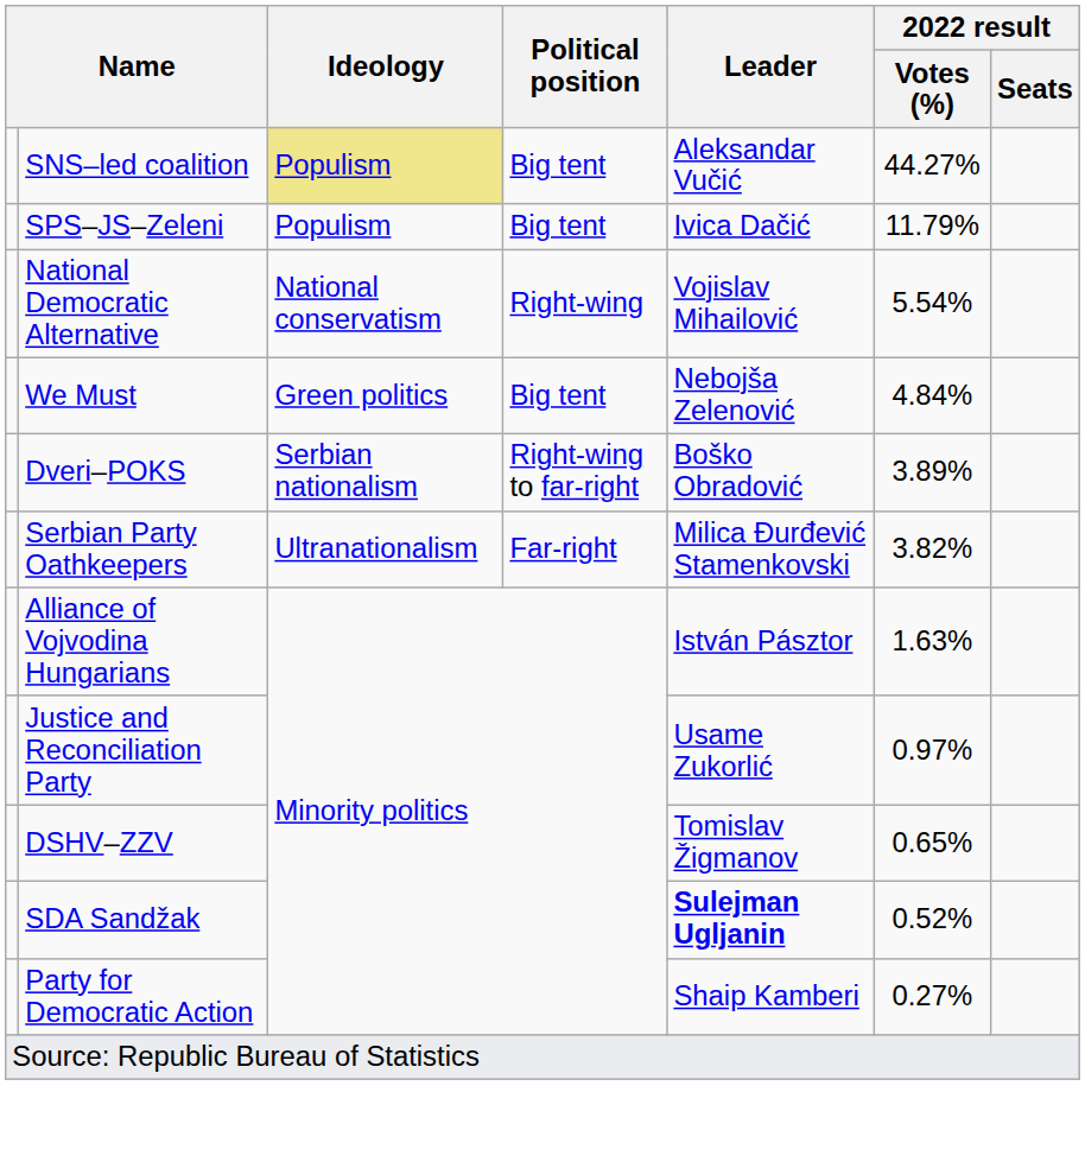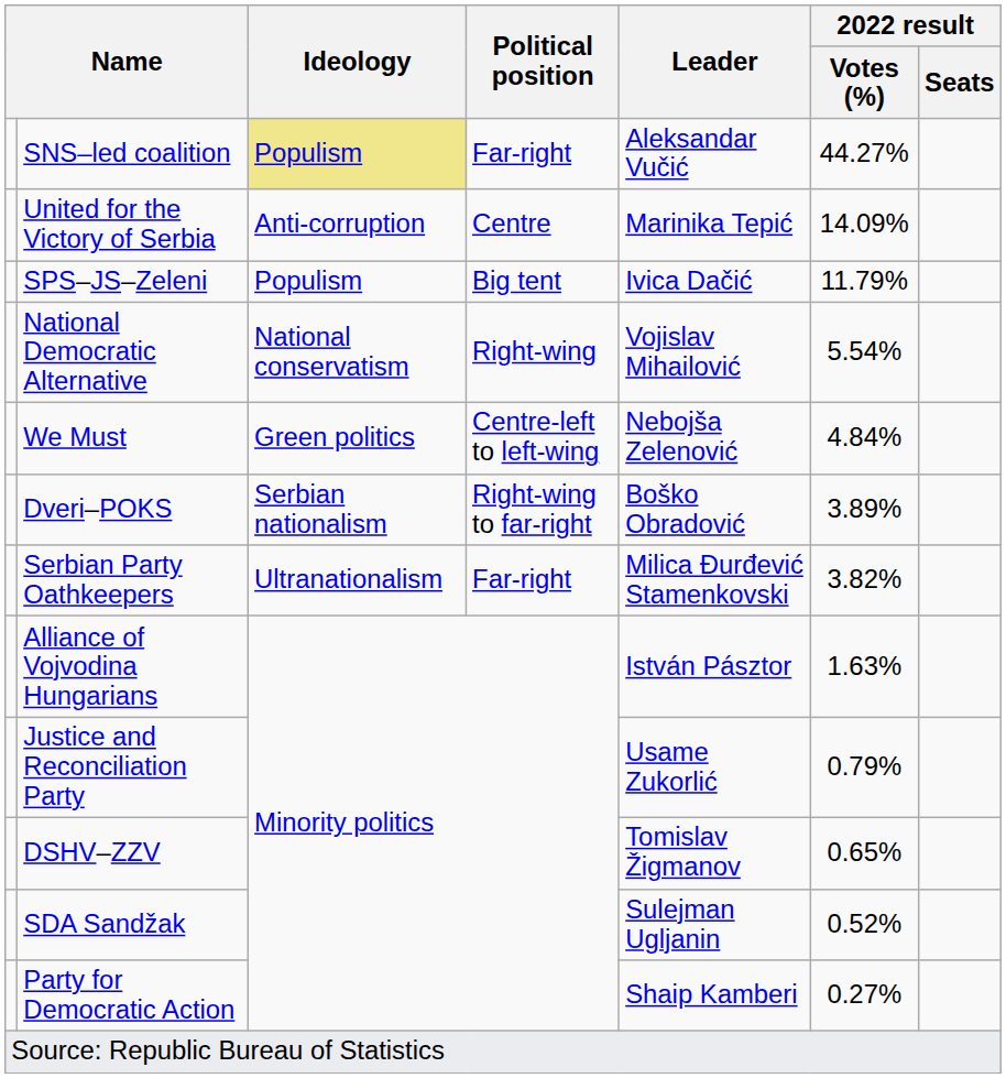 <table class="wikitable" style="text-align:left">
 <tr>
 <th colspan="2" rowspan="2">Name</th>
 <th rowspan="2">Ideology</th>
 <th rowspan="2">Political position</th>
 <th rowspan="2">Leader</th>
 <th colspan="2">2022 result</th>
 </tr>
 <tr>
 <th>Votes (%)</th>
 <th>Seats</th>
 </tr>
 <tr>
 <td style="background:"></td>
 <td><a href='#'>SNS–led coalition</a></td>
 <td style="background: khaki;"><a href='#'>Populism</a></td>
-<td><a href='#'>Big tent</a></td>
+<td><a href='#'>Far-right</a></td>
 <td><a href='#'>Aleksandar Vučić</a></td>
 <td style="text-align:center">44.27%</td>
+<td></td>
+</tr>
+<tr>
+<td style="background:"></td>
+<td><a href='#'>United for the Victory of Serbia</a></td>
+<td><a href='#'>Anti-corruption</a></td>
+<td><a href='#'>Centre</a></td>
+<td><a href='#'>Marinika Tepić</a></td>
+<td style="text-align:center">14.09%</td>
 <td></td>
 </tr>
 <tr>
 <td style="background:"></td>
 <td><a href='#'>SPS</a>–<a href='#'>JS</a>–<a href='#'>Zeleni</a></td>
 <td><a href='#'>Populism</a></td>
 <td><a href='#'>Big tent</a></td>
 <td><a href='#'>Ivica Dačić</a></td>
 <td style="text-align:center">11.79%</td>
 <td></td>
 </tr>
 <tr>
 <td style="background:"></td>
 <td><a href='#'>National Democratic Alternative</a></td>
 <td><a href='#'>National conservatism</a></td>
 <td><a href='#'>Right-wing</a></td>
 <td><a href='#'>Vojislav Mihailović</a></td>
 <td style="text-align:center">5.54%</td>
 <td></td>
 </tr>
 <tr>
 <td style="background:"></td>
 <td><a href='#'>We Must</a></td>
 <td><a href='#'>Green politics</a></td>
-<td><a href='#'>Big tent</a></td>
+<td><a href='#'>Centre-left</a> to <a href='#'>left-wing</a></td>
 <td><a href='#'>Nebojša Zelenović</a></td>
 <td style="text-align:center">4.84%</td>
 <td></td>
 </tr>
 <tr>
 <td style="background:"></td>
 <td><a href='#'>Dveri</a>–<a href='#'>POKS</a></td>
 <td><a href='#'>Serbian nationalism</a></td>
 <td><a href='#'>Right-wing</a> to <a href='#'>far-right</a></td>
 <td><a href='#'>Boško Obradović</a></td>
 <td style="text-align:center">3.89%</td>
 <td></td>
 </tr>
 <tr>
 <td style="background:"></td>
 <td><a href='#'>Serbian Party Oathkeepers</a></td>
 <td><a href='#'>Ultranationalism</a></td>
 <td><a href='#'>Far-right</a></td>
 <td><a href='#'>Milica Đurđević<br>Stamenkovski</a></td>
 <td style="text-align:center">3.82%</td>
 <td></td>
 </tr>
 <tr>
 <td style="background:"></td>
 <td><a href='#'>Alliance of Vojvodina Hungarians</a></td>
 <td colspan="2" rowspan="5"><a href='#'>Minority politics</a></td>
 <td><a href='#'>István Pásztor</a></td>
 <td style="text-align:center">1.63%</td>
 <td></td>
 </tr>
 <tr>
 <td style="background:"></td>
 <td><a href='#'>Justice and Reconciliation Party</a></td>
 <td><a href='#'>Usame Zukorlić</a></td>
-<td style="text-align:center">0.97%</td>
+<td style="text-align:center">0.79%</td>
 <td></td>
 </tr>
 <tr>
 <td style="background:"></td>
 <td><a href='#'>DSHV</a>–<a href='#'>ZZV</a></td>
 <td><a href='#'>Tomislav Žigmanov</a></td>
 <td style="text-align:center">0.65%</td>
 <td></td>
 </tr>
 <tr>
 <td style="background:"></td>
 <td><a href='#'>SDA Sandžak</a></td>
-<td><strong><a href='#'>Sulejman Ugljanin</a></strong></td>
+<td><a href='#'>Sulejman Ugljanin</a></td>
 <td style="text-align:center">0.52%</td>
 <td></td>
 </tr>
 <tr>
 <td style="background:"></td>
 <td><a href='#'>Party for Democratic Action</a></td>
 <td><a href='#'>Shaip Kamberi</a></td>
 <td style="text-align:center">0.27%</td>
 <td></td>
 </tr>
 <tr>
 <td style="background-color: #EAECF0" colspan="7">Source: Republic Bureau of Statistics</td>
 </tr>
 </table>
